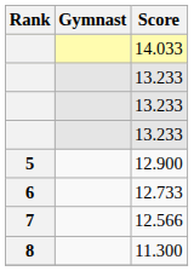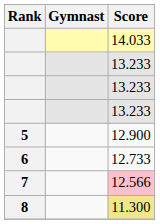 <table class="wikitable sortable" style="text-align:center; font-size:95%">
 <tr>
 <th scope=col>Rank</th>
 <th scope=col>Gymnast</th>
 <th scope=col>Score</th>
 </tr>
 <tr bgcolor=fffcaf>
 <th scope=row style="text-align:center"></th>
 <td align=left></td>
 <td>14.033</td>
 </tr>
 <tr bgcolor=e5e5e5>
 <th scope=row style="text-align:center"></th>
 <td align=left></td>
 <td>13.233</td>
 </tr>
 <tr bgcolor=e5e5e5>
 <th scope=row style="text-align:center"></th>
 <td align=left></td>
 <td>13.233</td>
 </tr>
 <tr bgcolor=e5e5e5>
 <th scope=row style="text-align:center"></th>
 <td align=left></td>
 <td>13.233</td>
 </tr>
 <tr>
 <th scope=row style="text-align:center">5</th>
 <td align=left></td>
 <td>12.900</td>
 </tr>
 <tr>
 <th scope=row style="text-align:center">6</th>
 <td align=left></td>
 <td>12.733</td>
 </tr>
 <tr>
 <th scope=row style="text-align:center">7</th>
 <td align=left></td>
-<td>12.566</td>
+<td style="background: pink;">12.566</td>
 </tr>
 <tr>
 <th scope=row style="text-align:center">8</th>
 <td align=left></td>
-<td>11.300</td>
+<td style="background: khaki;">11.300</td>
 </tr>
 <tr>
 </tr>
 </table>
